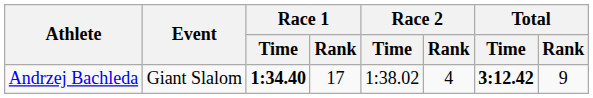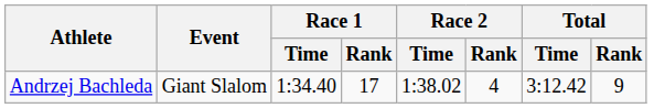 <table class="wikitable" style="font-size:90%">
 <tr>
 <th rowspan="2">Athlete</th>
 <th rowspan="2">Event</th>
 <th colspan="2">Race 1</th>
 <th colspan="2">Race 2</th>
 <th colspan="2">Total</th>
 </tr>
 <tr>
 <th>Time</th>
 <th>Rank</th>
 <th>Time</th>
 <th>Rank</th>
 <th>Time</th>
 <th>Rank</th>
 </tr>
 <tr>
 <td><a href='#'>Andrzej Bachleda</a></td>
 <td>Giant Slalom</td>
-<td align="center"><strong>1:34.40</strong></td>
+<td align="center">1:34.40</td>
 <td align="center">17</td>
 <td align="center">1:38.02</td>
 <td align="center">4</td>
-<td align="center"><strong>3:12.42</strong></td>
+<td align="center">3:12.42</td>
 <td align="center">9</td>
 </tr>
 </table>
